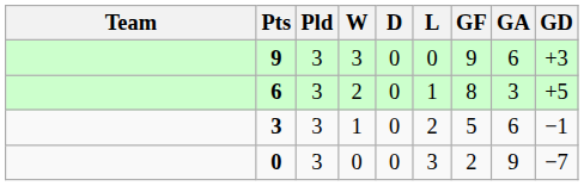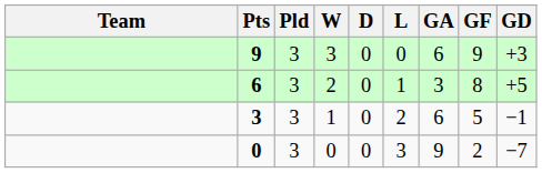 <table class=wikitable style="text-align:center">
 <tr>
 <th width=175>Team</th>
 <th width=20>Pts</th>
 <th width=20>Pld</th>
 <th width=20>W</th>
 <th width=20>D</th>
 <th width=20>L</th>
+<th width=20>GA</th>
 <th width=20>GF</th>
-<th width=20>GA</th>
 <th width=20>GD</th>
 </tr>
 <tr style="background:#ccffcc">
 <td align=left></td>
 <td><strong>9</strong></td>
 <td>3</td>
 <td>3</td>
 <td>0</td>
 <td>0</td>
+<td>6</td>
 <td>9</td>
-<td>6</td>
 <td>+3</td>
 </tr>
 <tr style="background:#ccffcc">
 <td align=left></td>
 <td><strong>6</strong></td>
 <td>3</td>
 <td>2</td>
 <td>0</td>
 <td>1</td>
+<td>3</td>
 <td>8</td>
-<td>3</td>
 <td>+5</td>
 </tr>
 <tr>
 <td align=left></td>
 <td><strong>3</strong></td>
 <td>3</td>
 <td>1</td>
 <td>0</td>
 <td>2</td>
+<td>6</td>
 <td>5</td>
-<td>6</td>
 <td>−1</td>
 </tr>
 <tr>
 <td align=left></td>
 <td><strong>0</strong></td>
 <td>3</td>
 <td>0</td>
 <td>0</td>
 <td>3</td>
+<td>9</td>
 <td>2</td>
-<td>9</td>
 <td>−7</td>
 </tr>
 </table>
